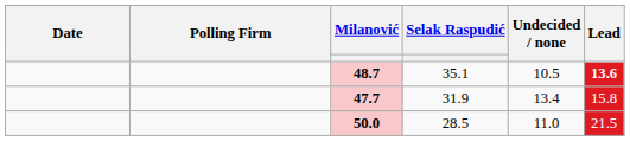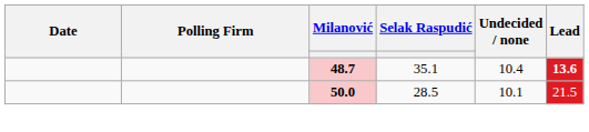 <table class="wikitable" style="text-align:center; font-size:80%">
 <tr style="height:42px;">
 <th style="width:100px;" rowspan="2">Date</th>
 <th style="width:165px;" rowspan="2">Polling Firm</th>
 <th><a href='#'>Milanović</a></th>
 <th><a href='#'>Selak Raspudić</a></th>
 <th style="width:40px;" rowspan="2">Undecided / none</th>
 <th style="width:20px;" rowspan="2">Lead</th>
 </tr>
 <tr>
 <th style="background:"></th>
 <th style="background:"></th>
 </tr>
 <tr>
 <td></td>
 <td></td>
 <td style="background:#F9C8CA"><strong>48.7</strong></td>
 <td>35.1</td>
-<td>10.5</td>
+<td>10.4</td>
 <td style="background:#DF1A22; color:white;"><strong>13.6</strong></td>
-</tr>
-<tr>
-<td></td>
-<td></td>
-<td style="background:#F9C8CA"><strong>47.7</strong></td>
-<td>31.9</td>
-<td>13.4</td>
-<td style="background:#DF1A22; color:white;">15.8</td>
 </tr>
 <tr>
 <td></td>
 <td></td>
 <td style="background:#F9C8CA"><strong>50.0</strong></td>
 <td>28.5</td>
-<td>11.0</td>
+<td>10.1</td>
 <td style="background:#DF1A22; color:white;">21.5</td>
 </tr>
 </table>
